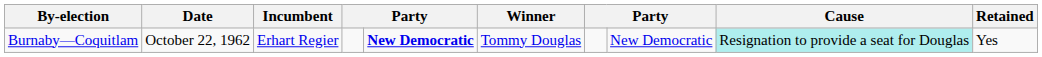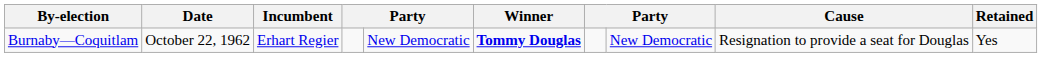 <table class="wikitable">
 <tr>
 <th>By-election</th>
 <th>Date</th>
 <th>Incumbent</th>
 <th colspan=2>Party</th>
 <th>Winner</th>
 <th colspan=2>Party</th>
 <th>Cause</th>
 <th>Retained</th>
 </tr>
 <tr>
 <td><a href='#'>Burnaby—Coquitlam</a></td>
 <td>October 22, 1962</td>
 <td><a href='#'>Erhart Regier</a></td>
 <td>    </td>
-<td><strong><a href='#'>New Democratic</a></strong></td>
-<td><a href='#'>Tommy Douglas</a></td>
+<td><a href='#'>New Democratic</a></td>
+<td><strong><a href='#'>Tommy Douglas</a></strong></td>
 <td>    </td>
 <td><a href='#'>New Democratic</a></td>
-<td style="background: paleturquoise;">Resignation to provide a seat for Douglas</td>
+<td>Resignation to provide a seat for Douglas</td>
 <td>Yes</td>
 </tr>
 </table>
